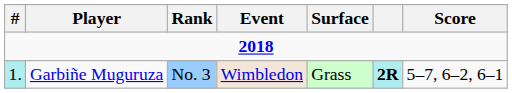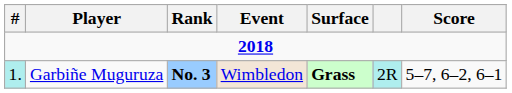 <table class="wikitable sortable">
 <tr>
 <th>#</th>
 <th>Player</th>
 <th>Rank</th>
 <th>Event</th>
 <th>Surface</th>
 <th></th>
 <th>Score</th>
 </tr>
 <tr>
 <td colspan=7 style=text-align:center><strong><a href='#'>2018</a></strong></td>
 </tr>
 <tr>
 <td style="background: paleturquoise;">1.</td>
 <td> <a href='#'>Garbiñe Muguruza</a></td>
-<td style="background:#99ccff;">No. 3</td>
+<td style="background:#99ccff;"><strong>No. 3</strong></td>
 <td bgcolor=f3e6d7><a href='#'>Wimbledon</a></td>
-<td bgcolor=ccffcc>Grass</td>
-<td bgcolor=afeeee><strong>2R</strong></td>
+<td bgcolor=ccffcc><strong>Grass</strong></td>
+<td bgcolor=afeeee>2R</td>
 <td>5–7, 6–2, 6–1</td>
 </tr>
 </table>
